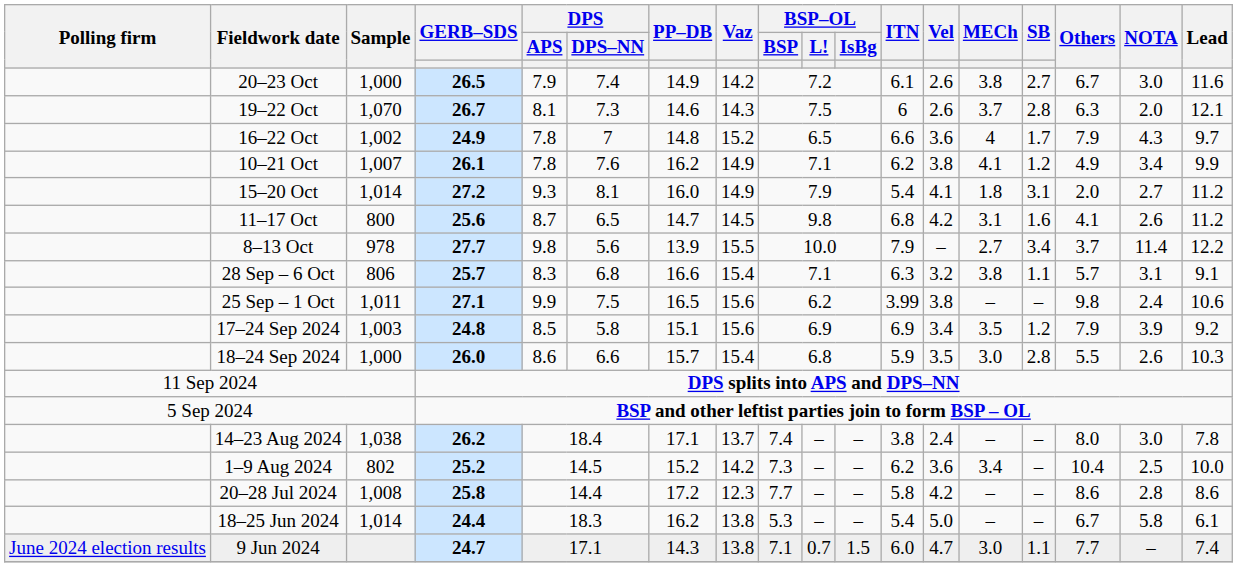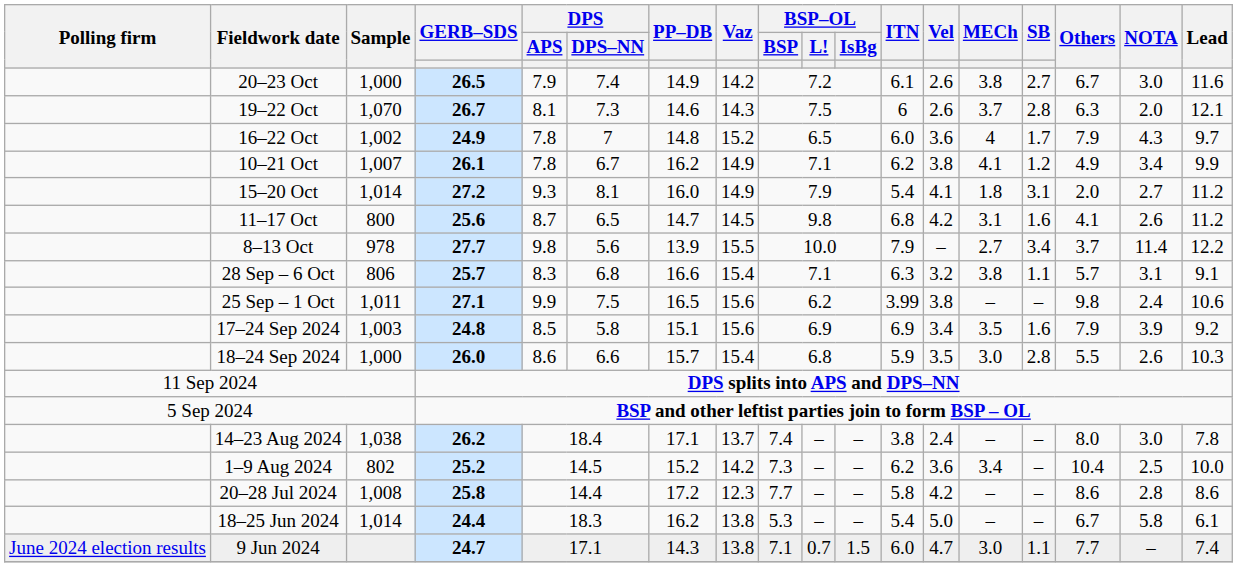 <table class="wikitable sortable" style="text-align:center;font-size:90%;line-height:14px;">
 <tr>
 <th rowspan="3">Polling firm</th>
 <th rowspan="3">Fieldwork date</th>
 <th rowspan="3">Sample</th>
 <th rowspan="2"><a href='#'>GERB–SDS</a></th>
 <th colspan="2"><a href='#'>DPS</a></th>
 <th rowspan="2"><a href='#'>PP–DB</a></th>
 <th rowspan="2"><a href='#'>Vaz</a></th>
 <th colspan="3"><a href='#'>BSP–OL</a></th>
 <th rowspan="2"><a href='#'>ITN</a></th>
 <th rowspan="2"><a href='#'>Vel</a></th>
 <th rowspan="2"><a href='#'>MECh</a></th>
 <th rowspan="2"><a href='#'>SB</a></th>
 <th rowspan="3"><a href='#'>Others</a></th>
 <th rowspan="3"><a href='#'>NOTA</a></th>
 <th rowspan="3">Lead</th>
 </tr>
 <tr>
 <th><a href='#'>APS</a></th>
 <th><a href='#'>DPS–NN</a></th>
 <th><a href='#'>BSP</a></th>
 <th><a href='#'>L!</a></th>
 <th><a href='#'>IsBg</a></th>
 </tr>
 <tr>
 <th style="background:"></th>
 <th style="background:"></th>
 <th style="background:"></th>
 <th style="background:"></th>
 <th style="background:"></th>
 <th style="background:"></th>
 <th style="background:"></th>
 <th style="background:"></th>
 <th style="background:"></th>
 <th style="background:"></th>
 <th style="background:"></th>
 <th style="background:"></th>
 </tr>
 <tr>
 <td></td>
 <td>20–23 Oct</td>
 <td>1,000</td>
 <td style="background:#CCE6FF"><strong>26.5</strong><br></td>
 <td>7.9<br></td>
 <td>7.4<br></td>
 <td>14.9<br></td>
 <td>14.2<br></td>
 <td colspan="3">7.2<br></td>
 <td>6.1<br></td>
 <td>2.6<br></td>
 <td>3.8<br></td>
 <td>2.7<br></td>
 <td>6.7</td>
 <td>3.0</td>
 <td class="unsortable" style="background:">11.6</td>
 </tr>
 <tr>
 <td></td>
 <td>19–22 Oct</td>
 <td>1,070</td>
 <td style="background:#CCE6FF"><strong>26.7</strong><br></td>
 <td>8.1<br></td>
 <td>7.3<br></td>
 <td>14.6<br></td>
 <td>14.3<br></td>
 <td colspan="3">7.5<br></td>
 <td>6<br></td>
 <td>2.6<br></td>
 <td>3.7<br></td>
 <td>2.8<br></td>
 <td>6.3</td>
 <td>2.0</td>
 <td class="unsortable" style="background:">12.1</td>
 </tr>
 <tr>
 <td></td>
 <td>16–22 Oct</td>
 <td>1,002</td>
 <td style="background:#CCE6FF"><strong>24.9</strong><br></td>
 <td>7.8<br></td>
 <td>7<br></td>
 <td>14.8<br></td>
 <td>15.2<br></td>
 <td colspan="3">6.5<br></td>
-<td>6.6<br></td>
+<td>6.0<br></td>
 <td>3.6<br></td>
 <td>4<br></td>
 <td>1.7<br></td>
 <td>7.9</td>
 <td>4.3</td>
 <td class="unsortable" style="background:">9.7</td>
 </tr>
 <tr>
 <td></td>
 <td>10–21 Oct</td>
 <td>1,007</td>
 <td style="background:#CCE6FF"><strong>26.1</strong><br></td>
 <td>7.8<br></td>
-<td>7.6<br></td>
+<td>6.7<br></td>
 <td>16.2<br></td>
 <td>14.9<br></td>
 <td colspan="3">7.1<br></td>
 <td>6.2<br></td>
 <td>3.8<br></td>
 <td>4.1<br></td>
 <td>1.2<br></td>
 <td>4.9</td>
 <td>3.4</td>
 <td class="unsortable" style="background:">9.9</td>
 </tr>
 <tr>
 <td></td>
 <td>15–20 Oct</td>
 <td>1,014</td>
 <td style="background:#CCE6FF"><strong>27.2</strong><br></td>
 <td>9.3<br></td>
 <td>8.1<br></td>
 <td>16.0<br></td>
 <td>14.9<br></td>
 <td colspan="3">7.9<br></td>
 <td>5.4<br></td>
 <td>4.1<br></td>
 <td>1.8<br></td>
 <td>3.1<br></td>
 <td>2.0</td>
 <td>2.7</td>
 <td class="unsortable" style="background:">11.2</td>
 </tr>
 <tr>
 <td></td>
 <td>11–17 Oct</td>
 <td>800</td>
 <td style="background:#CCE6FF"><strong>25.6</strong><br></td>
 <td>8.7<br></td>
 <td>6.5<br></td>
 <td>14.7<br></td>
 <td>14.5<br></td>
 <td colspan="3">9.8<br></td>
 <td>6.8<br></td>
 <td>4.2<br></td>
 <td>3.1<br></td>
 <td>1.6<br></td>
 <td>4.1</td>
 <td>2.6</td>
 <td class="unsortable" style="background:">11.2</td>
 </tr>
 <tr>
 <td></td>
 <td>8–13 Oct</td>
 <td>978</td>
 <td style="background:#CCE6FF"><strong>27.7</strong><br></td>
 <td>9.8<br></td>
 <td>5.6<br></td>
 <td>13.9<br></td>
 <td>15.5<br></td>
 <td colspan="3">10.0<br></td>
 <td>7.9<br></td>
 <td>–</td>
 <td>2.7<br></td>
 <td>3.4<br></td>
 <td>3.7</td>
 <td>11.4</td>
 <td class="unsortable" style="background:">12.2</td>
 </tr>
 <tr>
 <td></td>
 <td>28 Sep – 6 Oct</td>
 <td>806</td>
 <td style="background:#CCE6FF"><strong>25.7</strong><br></td>
 <td>8.3<br></td>
 <td>6.8<br></td>
 <td>16.6<br></td>
 <td>15.4<br></td>
 <td colspan="3">7.1<br></td>
 <td>6.3<br></td>
 <td>3.2<br></td>
 <td>3.8<br></td>
 <td>1.1<br></td>
 <td>5.7</td>
 <td>3.1</td>
 <td class="unsortable" style="background:">9.1</td>
 </tr>
 <tr>
 <td></td>
 <td>25 Sep – 1 Oct</td>
 <td>1,011</td>
 <td style="background:#CCE6FF"><strong>27.1</strong><br></td>
 <td>9.9<br></td>
 <td>7.5<br></td>
 <td>16.5<br></td>
 <td>15.6<br></td>
 <td colspan="3">6.2<br></td>
 <td>3.99<br></td>
 <td>3.8<br></td>
 <td>–</td>
 <td>–</td>
 <td>9.8</td>
 <td>2.4</td>
 <td class="unsortable" style="background:">10.6</td>
 </tr>
 <tr>
 <td></td>
 <td>17–24 Sep 2024</td>
 <td>1,003</td>
 <td style="background:#CCE6FF"><strong>24.8</strong><br></td>
 <td>8.5<br></td>
 <td>5.8<br></td>
 <td>15.1<br></td>
 <td>15.6<br></td>
 <td colspan="3">6.9<br></td>
 <td>6.9<br></td>
 <td>3.4<br></td>
 <td>3.5<br></td>
-<td>1.2<br></td>
+<td>1.6<br></td>
 <td>7.9</td>
 <td>3.9</td>
 <td class="unsortable" style="background:">9.2</td>
 </tr>
 <tr>
 <td></td>
 <td>18–24 Sep 2024</td>
 <td>1,000</td>
 <td style="background:#CCE6FF"><strong>26.0</strong><br></td>
 <td>8.6<br></td>
 <td>6.6<br></td>
 <td>15.7<br></td>
 <td>15.4<br></td>
 <td colspan="3">6.8<br></td>
 <td>5.9<br></td>
 <td>3.5<br></td>
 <td>3.0<br></td>
 <td>2.8<br></td>
 <td>5.5</td>
 <td>2.6</td>
 <td class="unsortable" style="background:">10.3</td>
 </tr>
 <tr>
 <td colspan="3">11 Sep 2024</td>
 <td colspan="15" style="font-weight:bold;"><a href='#'>DPS</a> splits into <a href='#'>APS</a> and <a href='#'>DPS–NN</a></td>
 </tr>
 <tr>
 <td colspan="3">5 Sep 2024</td>
 <td colspan="15"><strong><a href='#'>BSP</a> and other leftist parties join to form <a href='#'>BSP – OL</a></strong></td>
 </tr>
 <tr>
 <td></td>
 <td>14–23 Aug 2024</td>
 <td>1,038</td>
 <td style="background:#CCE6FF"><strong>26.2</strong><br></td>
 <td colspan="2">18.4<br></td>
 <td>17.1<br></td>
 <td>13.7<br></td>
 <td>7.4<br></td>
 <td>–</td>
 <td>–</td>
 <td>3.8<br></td>
 <td>2.4<br></td>
 <td>–</td>
 <td>–</td>
 <td>8.0</td>
 <td>3.0</td>
 <td class="unsortable" style="background:">7.8</td>
 </tr>
 <tr>
 <td></td>
 <td data-sort-value="2024-07-28">1–9 Aug 2024</td>
 <td>802</td>
 <td style="background:#CCE6FF"><strong>25.2</strong><br></td>
 <td colspan="2">14.5<br></td>
 <td>15.2<br></td>
 <td>14.2<br></td>
 <td>7.3<br></td>
 <td>–</td>
 <td>–</td>
 <td>6.2<br></td>
 <td>3.6<br></td>
 <td>3.4<br></td>
 <td>–</td>
 <td>10.4</td>
 <td>2.5</td>
 <td class="unsortable" style="background:">10.0</td>
 </tr>
 <tr>
 <td></td>
 <td data-sort-value="2024-07-28">20–28 Jul 2024</td>
 <td>1,008</td>
 <td style="background:#CCE6FF"><strong>25.8</strong><br></td>
 <td colspan="2">14.4<br></td>
 <td>17.2<br></td>
 <td>12.3<br></td>
 <td>7.7<br></td>
 <td>–</td>
 <td>–</td>
 <td>5.8<br></td>
 <td>4.2<br></td>
 <td>–</td>
 <td>–</td>
 <td>8.6</td>
 <td>2.8</td>
 <td class="unsortable" style="background:">8.6</td>
 </tr>
 <tr>
 <td></td>
 <td data-sort-value="2024-07-28">18–25 Jun 2024</td>
 <td>1,014</td>
 <td style="background:#CCE6FF"><strong>24.4</strong><br></td>
 <td colspan="2">18.3<br></td>
 <td>16.2<br></td>
 <td>13.8<br></td>
 <td>5.3<br></td>
 <td>–</td>
 <td>–</td>
 <td>5.4<br></td>
 <td>5.0<br></td>
 <td>–</td>
 <td>–</td>
 <td>6.7</td>
 <td>5.8</td>
 <td class="unsortable" style="background:">6.1</td>
 </tr>
 <tr style="background:#EFEFEF;">
 <td><a href='#'>June 2024 election results</a></td>
 <td>9 Jun 2024</td>
 <td></td>
 <td style="background:#CCE6FF"><strong>24.7</strong><br></td>
 <td colspan="2">17.1<br></td>
 <td>14.3<br></td>
 <td>13.8<br></td>
 <td>7.1<br></td>
 <td>0.7<br></td>
 <td>1.5<br></td>
 <td>6.0<br></td>
 <td>4.7<br></td>
 <td>3.0<br></td>
 <td>1.1<br></td>
 <td>7.7</td>
 <td>–</td>
 <td class="unsortable" style="background:">7.4</td>
 </tr>
 <tr>
 </tr>
 </table>
